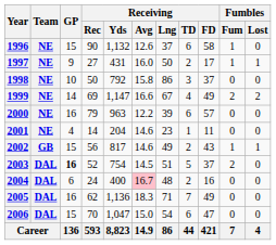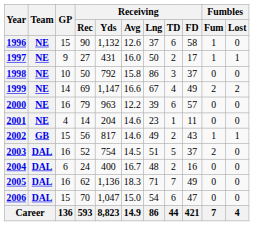 <table class="wikitable" style="text-align: center;">
 <tr>
 <th rowspan="2">Year</th>
 <th rowspan="2">Team</th>
 <th rowspan="2">GP</th>
 <th colspan="6">Receiving</th>
 <th colspan="2">Fumbles</th>
 </tr>
 <tr>
 <th>Rec</th>
 <th>Yds</th>
 <th>Avg</th>
 <th>Lng</th>
 <th>TD</th>
 <th>FD</th>
 <th>Fum</th>
 <th>Lost</th>
 </tr>
 <tr>
 <th><a href='#'>1996</a></th>
 <th><a href='#'>NE</a></th>
 <td>15</td>
 <td>90</td>
 <td>1,132</td>
 <td>12.6</td>
 <td>37</td>
 <td>6</td>
 <td>58</td>
 <td>1</td>
 <td>0</td>
 </tr>
 <tr>
 <th><a href='#'>1997</a></th>
 <th><a href='#'>NE</a></th>
 <td>9</td>
 <td>27</td>
 <td>431</td>
 <td>16.0</td>
 <td>50</td>
 <td>2</td>
 <td>17</td>
 <td>1</td>
 <td>1</td>
 </tr>
 <tr>
 <th><a href='#'>1998</a></th>
 <th><a href='#'>NE</a></th>
 <td>10</td>
 <td>50</td>
 <td>792</td>
 <td>15.8</td>
 <td>86</td>
 <td>3</td>
 <td>37</td>
 <td>0</td>
 <td>0</td>
 </tr>
 <tr>
 <th><a href='#'>1999</a></th>
 <th><a href='#'>NE</a></th>
 <td>14</td>
 <td>69</td>
 <td>1,147</td>
 <td>16.6</td>
 <td>67</td>
 <td>4</td>
 <td>49</td>
 <td>2</td>
 <td>2</td>
 </tr>
 <tr>
 <th><a href='#'>2000</a></th>
 <th><a href='#'>NE</a></th>
 <td>16</td>
 <td>79</td>
 <td>963</td>
 <td>12.2</td>
 <td>39</td>
 <td>6</td>
 <td>57</td>
 <td>0</td>
 <td>0</td>
 </tr>
 <tr>
 <th><a href='#'>2001</a></th>
 <th><a href='#'>NE</a></th>
 <td>4</td>
 <td>14</td>
 <td>204</td>
 <td>14.6</td>
 <td>23</td>
 <td>1</td>
 <td>11</td>
 <td>0</td>
 <td>0</td>
 </tr>
 <tr>
 <th><a href='#'>2002</a></th>
 <th><a href='#'>GB</a></th>
 <td>15</td>
 <td>56</td>
 <td>817</td>
 <td>14.6</td>
 <td>49</td>
 <td>2</td>
 <td>43</td>
 <td>1</td>
 <td>1</td>
 </tr>
 <tr>
 <th><a href='#'>2003</a></th>
 <th><a href='#'>DAL</a></th>
-<td><strong>16</strong></td>
+<td>16</td>
 <td>52</td>
 <td>754</td>
 <td>14.5</td>
 <td>51</td>
 <td>5</td>
 <td>37</td>
 <td>2</td>
 <td>0</td>
 </tr>
 <tr>
 <th><a href='#'>2004</a></th>
 <th><a href='#'>DAL</a></th>
 <td>6</td>
 <td>24</td>
 <td>400</td>
-<td style="background: pink;">16.7</td>
+<td>16.7</td>
 <td>48</td>
 <td>2</td>
 <td>16</td>
 <td>0</td>
 <td>0</td>
 </tr>
 <tr>
 <th><a href='#'>2005</a></th>
 <th><a href='#'>DAL</a></th>
 <td>16</td>
 <td>62</td>
 <td>1,136</td>
 <td>18.3</td>
 <td>71</td>
 <td>7</td>
 <td>49</td>
 <td>0</td>
 <td>0</td>
 </tr>
 <tr>
 <th><a href='#'>2006</a></th>
 <th><a href='#'>DAL</a></th>
 <td>15</td>
 <td>70</td>
 <td>1,047</td>
 <td>15.0</td>
 <td>54</td>
 <td>6</td>
 <td>47</td>
 <td>0</td>
 <td>0</td>
 </tr>
 <tr>
 <th colspan="2">Career</th>
 <th>136</th>
 <th>593</th>
 <th>8,823</th>
 <th>14.9</th>
 <th>86</th>
 <th>44</th>
 <th>421</th>
 <th>7</th>
 <th>4</th>
 </tr>
 </table>
